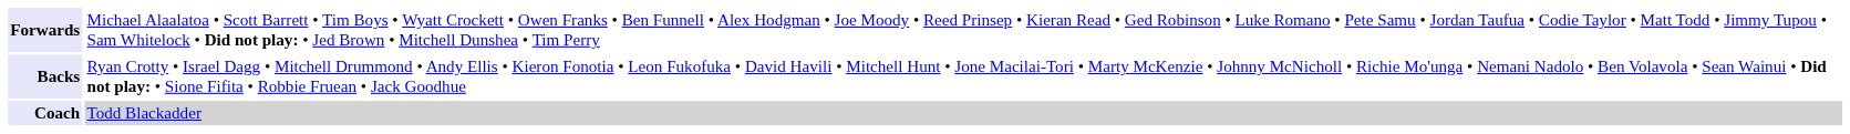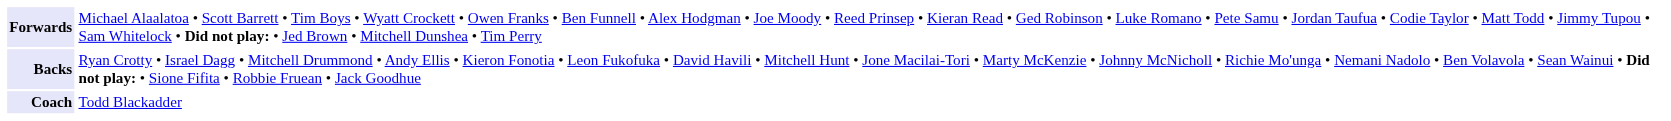 <table cellpadding="2" style="border: 1px solid white; font-size:90%;">
 <tr>
 <td style="text-align:right;" bgcolor="lavender"><strong>Forwards</strong></td>
 <td style="text-align:left;"><a href='#'>Michael Alaalatoa</a> • <a href='#'>Scott Barrett</a> • <a href='#'>Tim Boys</a> • <a href='#'>Wyatt Crockett</a> • <a href='#'>Owen Franks</a> • <a href='#'>Ben Funnell</a> • <a href='#'>Alex Hodgman</a> • <a href='#'>Joe Moody</a> • <a href='#'>Reed Prinsep</a> • <a href='#'>Kieran Read</a> • <a href='#'>Ged Robinson</a> • <a href='#'>Luke Romano</a> • <a href='#'>Pete Samu</a> • <a href='#'>Jordan Taufua</a> • <a href='#'>Codie Taylor</a> • <a href='#'>Matt Todd</a> • <a href='#'>Jimmy Tupou</a> • <a href='#'>Sam Whitelock</a> • <strong>Did not play:</strong> • <a href='#'>Jed Brown</a> • <a href='#'>Mitchell Dunshea</a> • <a href='#'>Tim Perry</a></td>
 </tr>
 <tr>
 <td style="text-align:right;" bgcolor="lavender"><strong>Backs</strong></td>
 <td style="text-align:left;"><a href='#'>Ryan Crotty</a> • <a href='#'>Israel Dagg</a> • <a href='#'>Mitchell Drummond</a> • <a href='#'>Andy Ellis</a> • <a href='#'>Kieron Fonotia</a> • <a href='#'>Leon Fukofuka</a> • <a href='#'>David Havili</a> • <a href='#'>Mitchell Hunt</a> • <a href='#'>Jone Macilai-Tori</a> • <a href='#'>Marty McKenzie</a> • <a href='#'>Johnny McNicholl</a> • <a href='#'>Richie Mo'unga</a> • <a href='#'>Nemani Nadolo</a> • <a href='#'>Ben Volavola</a> • <a href='#'>Sean Wainui</a> • <strong>Did not play:</strong> • <a href='#'>Sione Fifita</a> • <a href='#'>Robbie Fruean</a> • <a href='#'>Jack Goodhue</a></td>
 </tr>
 <tr>
 <td style="text-align:right;" bgcolor="lavender"><strong>Coach</strong></td>
-<td style="background: lightgrey; text-align:left;"><a href='#'>Todd Blackadder</a></td>
+<td style="text-align:left;"><a href='#'>Todd Blackadder</a></td>
 </tr>
 </table>
